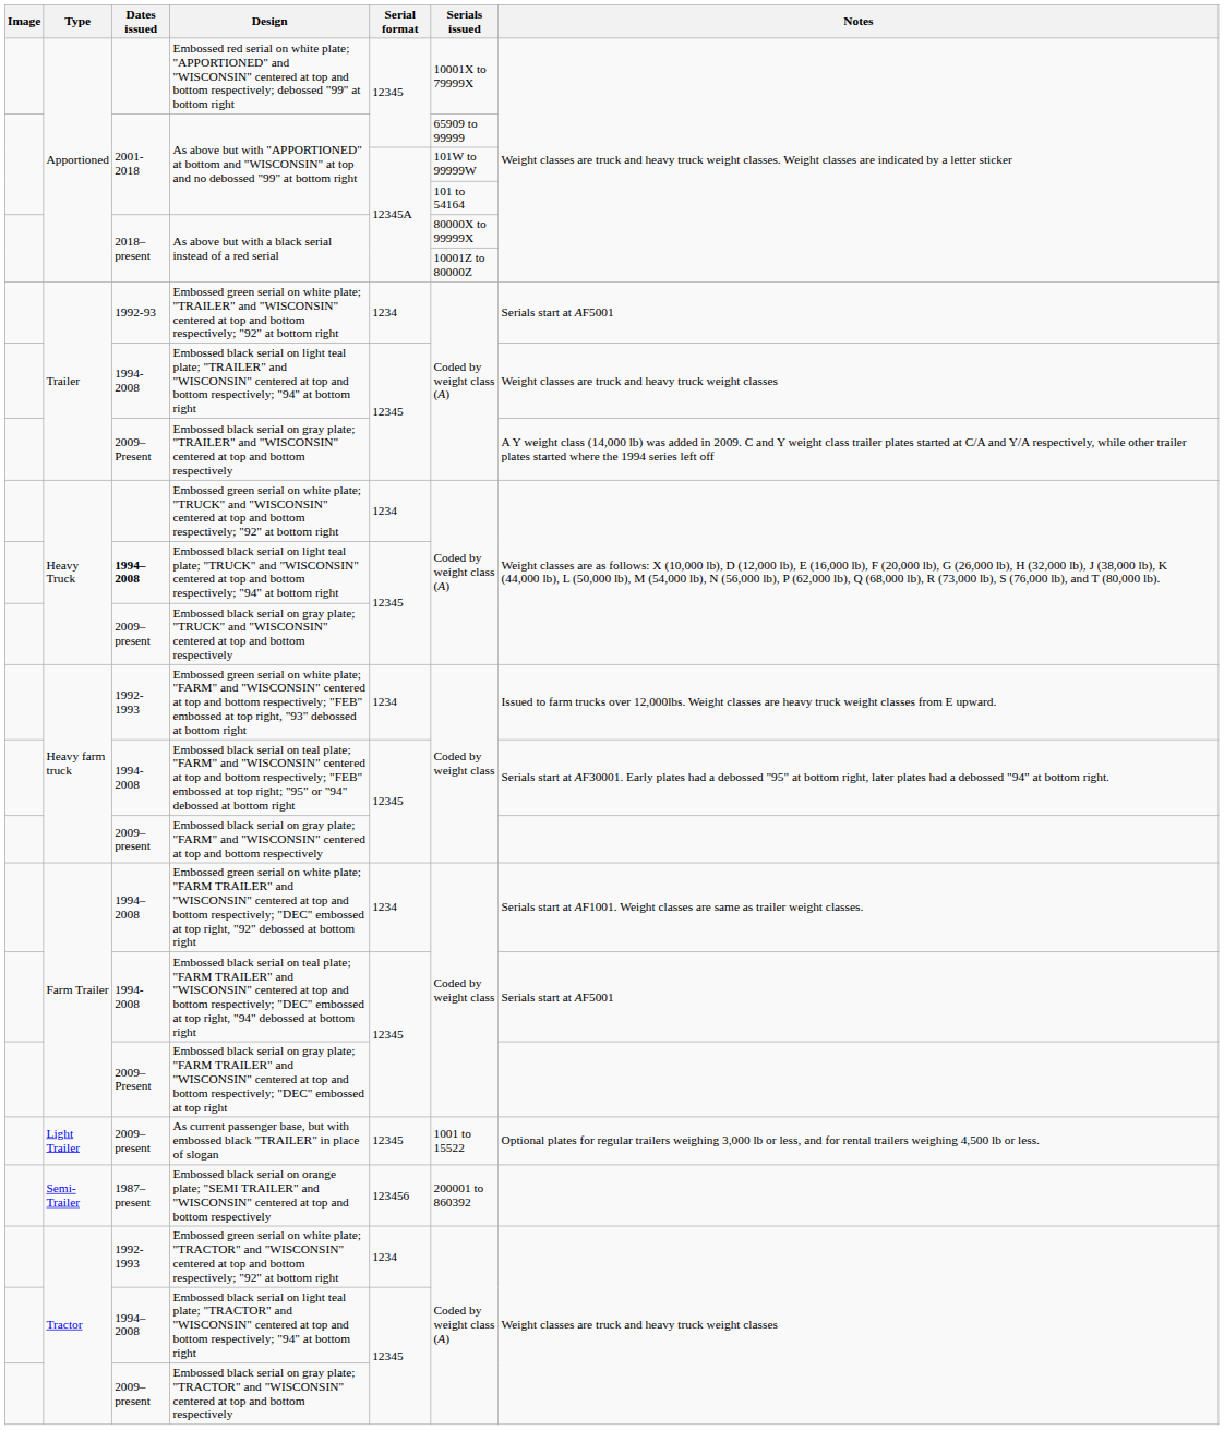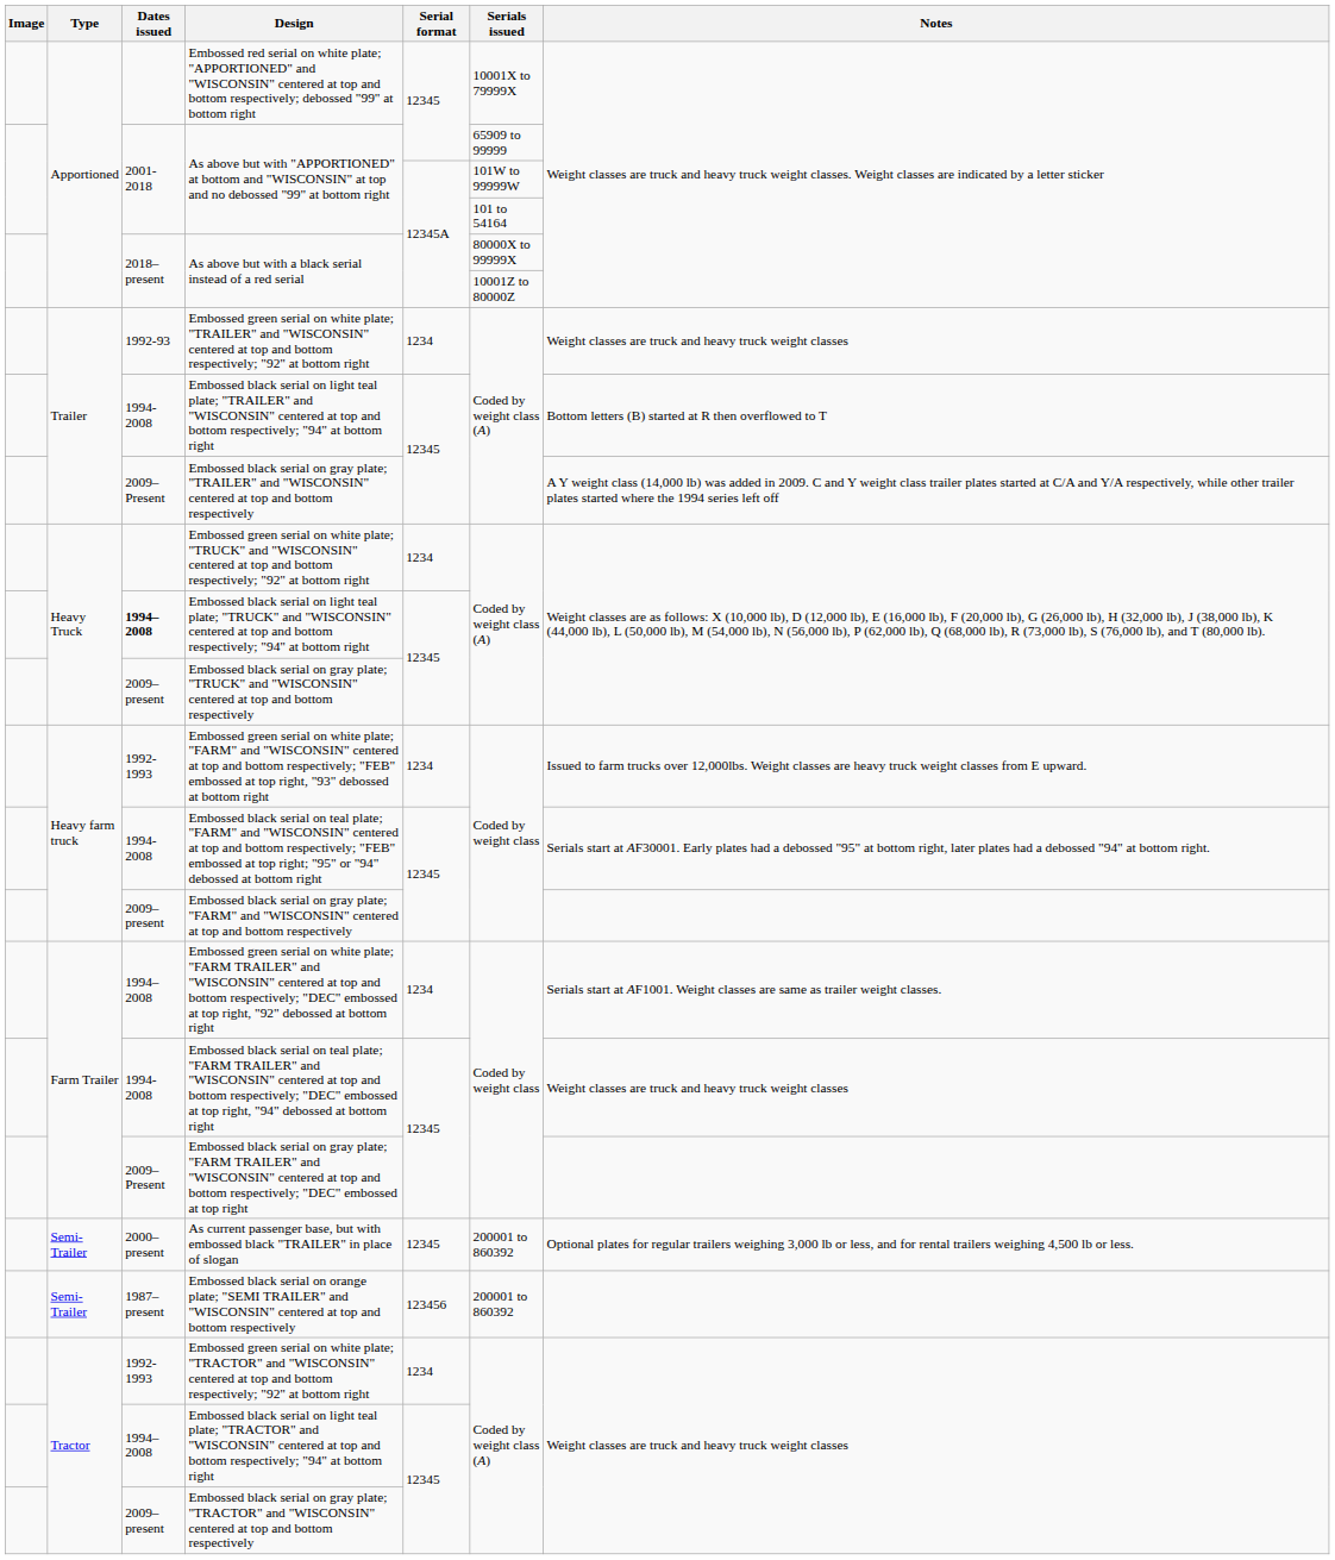 <table class="wikitable">
 <tr>
 <th>Image</th>
 <th style="width:50px";>Type</th>
 <th>Dates issued</th>
 <th style="width:250px;">Design</th>
 <th>Serial format</th>
 <th style="width:80px;">Serials issued</th>
 <th>Notes</th>
 </tr>
 <tr>
 <td></td>
 <td rowspan="6">Apportioned</td>
 <td></td>
 <td>Embossed red serial on white plate; "APPORTIONED" and "WISCONSIN" centered at top and bottom respectively; debossed "99" at bottom right</td>
 <td rowspan="2">12345</td>
 <td>10001X to 79999X</td>
 <td rowspan="6">Weight classes are truck and heavy truck weight classes. Weight classes are indicated by a letter sticker</td>
 </tr>
 <tr>
 <td rowspan="3"></td>
 <td rowspan="3">2001-2018</td>
 <td rowspan="3">As above but with "APPORTIONED" at bottom and "WISCONSIN" at top and no debossed "99" at bottom right</td>
 <td>65909 to 99999</td>
 </tr>
 <tr>
 <td rowspan="4">12345A</td>
 <td>101W to 99999W</td>
 </tr>
 <tr>
 <td>101 to 54164</td>
 </tr>
 <tr>
 <td rowspan="2"></td>
 <td rowspan="2">2018–present</td>
 <td rowspan="2">As above but with a black serial instead of a red serial</td>
 <td>80000X to 99999X</td>
 </tr>
 <tr>
 <td>10001Z to 80000Z </td>
 </tr>
 <tr>
 <td></td>
 <td rowspan="3">Trailer</td>
 <td>1992-93</td>
 <td>Embossed green serial on white plate; "TRAILER" and "WISCONSIN" centered at top and bottom respectively; "92" at bottom right</td>
 <td>1234</td>
 <td rowspan="3">Coded by weight class (<em>A</em>)</td>
-<td>Serials start at <em>A</em>F5001</td>
+<td>Weight classes are truck and heavy truck weight classes</td>
 </tr>
 <tr>
 <td></td>
 <td>1994-2008</td>
 <td>Embossed black serial on light teal plate; "TRAILER" and "WISCONSIN" centered at top and bottom respectively; "94" at bottom right</td>
 <td rowspan="2">12345</td>
-<td>Weight classes are truck and heavy truck weight classes</td>
+<td>Bottom letters (B) started at R then overflowed to T</td>
 </tr>
 <tr>
 <td></td>
 <td>2009–Present</td>
 <td>Embossed black serial on gray plate; "TRAILER" and "WISCONSIN" centered at top and bottom respectively</td>
 <td>A Y weight class (14,000 lb) was added in 2009. C and Y weight class trailer plates started at C/A and Y/A respectively, while other trailer plates started where the 1994 series left off</td>
 </tr>
 <tr>
 <td></td>
 <td rowspan="3">Heavy Truck</td>
 <td></td>
 <td>Embossed green serial on white plate; "TRUCK" and "WISCONSIN" centered at top and bottom respectively; "92" at bottom right</td>
 <td>1234</td>
 <td rowspan="3">Coded by weight class (<em>A</em>)</td>
 <td rowspan="3">Weight classes are as follows: X (10,000 lb), D (12,000 lb), E (16,000 lb), F (20,000 lb), G (26,000 lb), H (32,000 lb), J (38,000 lb), K (44,000 lb), L (50,000 lb), M (54,000 lb), N (56,000 lb), P (62,000 lb), Q (68,000 lb), R (73,000 lb), S (76,000 lb), and T (80,000 lb).</td>
 </tr>
 <tr>
 <td></td>
 <td><strong>1994–2008</strong></td>
 <td>Embossed black serial on light teal plate; "TRUCK" and "WISCONSIN" centered at top and bottom respectively; "94" at bottom right</td>
 <td rowspan="2">12345</td>
 </tr>
 <tr>
 <td></td>
 <td>2009–present</td>
 <td>Embossed black serial on gray plate; "TRUCK" and "WISCONSIN" centered at top and bottom respectively</td>
 </tr>
 <tr>
 <td></td>
 <td rowspan="3">Heavy farm truck</td>
 <td>1992-1993</td>
 <td>Embossed green serial on white plate; "FARM" and "WISCONSIN" centered at top and bottom respectively; "FEB" embossed at top right, "93" debossed at bottom right</td>
 <td>1234</td>
 <td rowspan="3">Coded by weight class</td>
 <td>Issued to farm trucks over 12,000lbs. Weight classes are heavy truck weight classes from E upward.</td>
 </tr>
 <tr>
 <td></td>
 <td>1994-2008</td>
 <td>Embossed black serial on teal plate; "FARM" and "WISCONSIN" centered at top and bottom respectively; "FEB" embossed at top right; "95" or "94" debossed at bottom right</td>
 <td rowspan="2">12345</td>
 <td>Serials start at <em>A</em>F30001. Early plates had a debossed "95" at bottom right, later plates had a debossed "94" at bottom right.</td>
 </tr>
 <tr>
 <td></td>
 <td>2009–present</td>
 <td>Embossed black serial on gray plate; "FARM" and "WISCONSIN" centered at top and bottom respectively</td>
 <td></td>
 </tr>
 <tr>
 <td></td>
 <td rowspan="3">Farm Trailer</td>
 <td>1994–2008</td>
 <td>Embossed green serial on white plate; "FARM TRAILER" and "WISCONSIN" centered at top and bottom respectively; "DEC" embossed at top right, "92" debossed at bottom right</td>
 <td>1234</td>
 <td rowspan="3">Coded by weight class</td>
 <td>Serials start at <em>A</em>F1001. Weight classes are same as trailer weight classes.</td>
 </tr>
 <tr>
 <td></td>
 <td>1994-2008</td>
 <td>Embossed black serial on teal plate; "FARM TRAILER" and "WISCONSIN" centered at top and bottom respectively; "DEC" embossed at top right, "94" debossed at bottom right</td>
 <td rowspan="2">12345</td>
-<td>Serials start at <em>A</em>F5001</td>
+<td>Weight classes are truck and heavy truck weight classes</td>
 </tr>
 <tr>
 <td></td>
 <td>2009–Present</td>
 <td>Embossed black serial on gray plate; "FARM TRAILER" and "WISCONSIN" centered at top and bottom respectively; "DEC" embossed at top right</td>
 <td></td>
 </tr>
 <tr>
 <td></td>
-<td><a href='#'>Light Trailer</a></td>
-<td>2009–present</td>
+<td><a href='#'>Semi-Trailer</a></td>
+<td>2000–present</td>
 <td>As current passenger base, but with embossed black "TRAILER" in place of slogan</td>
 <td>12345</td>
-<td>1001 to 15522 </td>
+<td>200001 to 860392 </td>
 <td>Optional plates for regular trailers weighing 3,000 lb or less, and for rental trailers weighing 4,500 lb or less.</td>
 </tr>
 <tr>
 <td></td>
 <td><a href='#'>Semi-Trailer</a></td>
 <td>1987–present</td>
 <td>Embossed black serial on orange plate; "SEMI TRAILER" and "WISCONSIN" centered at top and bottom respectively</td>
 <td>123456</td>
 <td>200001 to 860392 </td>
 <td></td>
 </tr>
 <tr>
 <td></td>
 <td rowspan="3"><a href='#'>Tractor</a></td>
 <td>1992-1993</td>
 <td>Embossed green serial on white plate; "TRACTOR" and "WISCONSIN" centered at top and bottom respectively; "92" at bottom right</td>
 <td>1234</td>
 <td rowspan="3">Coded by weight class (<em>A</em>)</td>
 <td rowspan="3">Weight classes are truck and heavy truck weight classes</td>
 </tr>
 <tr>
 <td></td>
 <td>1994–2008</td>
 <td>Embossed black serial on light teal plate; "TRACTOR" and "WISCONSIN" centered at top and bottom respectively; "94" at bottom right</td>
 <td rowspan="2">12345</td>
 </tr>
 <tr>
 <td></td>
 <td>2009–present</td>
 <td>Embossed black serial on gray plate; "TRACTOR" and "WISCONSIN" centered at top and bottom respectively</td>
 </tr>
 </table>
